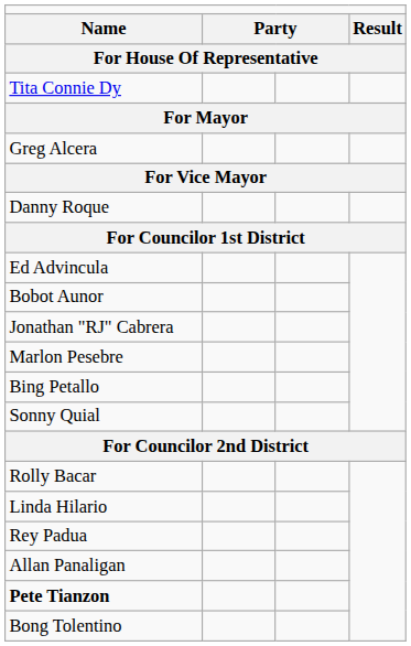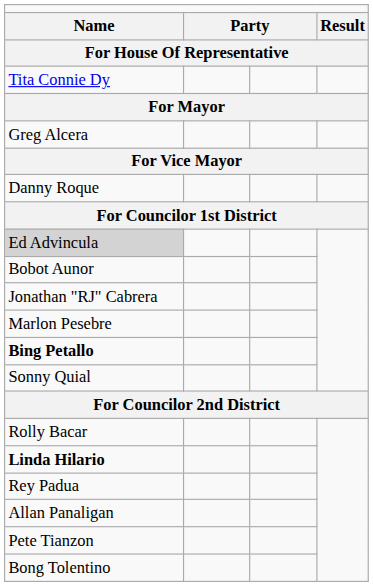 <table class="wikitable" style="font-size:90%">
 <tr>
 <td colspan="4" style="color:inherit;background:"></td>
 </tr>
 <tr>
 <th width="150px">Name</th>
 <th colspan="2" width="110px">Party</th>
 <th>Result</th>
 </tr>
 <tr>
 <th colspan="4">For House Of Representative</th>
 </tr>
 <tr>
 <td><a href='#'>Tita Connie Dy</a></td>
 <td></td>
 <td></td>
 </tr>
 <tr>
 <th colspan="4">For Mayor</th>
 </tr>
 <tr>
 <td>Greg Alcera</td>
 <td></td>
 <td></td>
 </tr>
 <tr>
 <th colspan="4">For Vice Mayor</th>
 </tr>
 <tr>
 <td>Danny Roque</td>
 <td></td>
 <td></td>
 </tr>
 <tr>
 <th colspan="4">For Councilor 1st District</th>
 </tr>
 <tr>
-<td>Ed Advincula</td>
+<td style="background: lightgrey;">Ed Advincula</td>
 <td></td>
 <td></td>
 </tr>
 <tr>
 <td>Bobot Aunor</td>
 <td></td>
 <td></td>
 </tr>
 <tr>
 <td>Jonathan "RJ" Cabrera</td>
 <td></td>
 <td></td>
 </tr>
 <tr>
 <td>Marlon Pesebre</td>
 <td></td>
 <td></td>
 </tr>
 <tr>
-<td>Bing Petallo</td>
+<td><strong>Bing Petallo</strong></td>
 <td></td>
 <td></td>
 </tr>
 <tr>
 <td>Sonny Quial</td>
 <td></td>
 <td></td>
 </tr>
 <tr>
 <th colspan="4">For Councilor 2nd District</th>
 </tr>
 <tr>
 <td>Rolly Bacar</td>
 <td></td>
 <td></td>
 </tr>
 <tr>
-<td>Linda Hilario</td>
+<td><strong>Linda Hilario</strong></td>
 <td></td>
 <td></td>
 </tr>
 <tr>
 <td>Rey Padua</td>
 <td></td>
 <td></td>
 </tr>
 <tr>
 <td>Allan Panaligan</td>
 <td></td>
 <td></td>
 </tr>
 <tr>
-<td><strong>Pete Tianzon</strong></td>
+<td>Pete Tianzon</td>
 <td></td>
 <td></td>
 </tr>
 <tr>
 <td>Bong Tolentino</td>
 <td></td>
 <td></td>
 </tr>
 </table>
